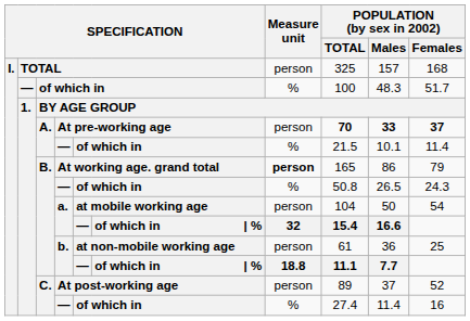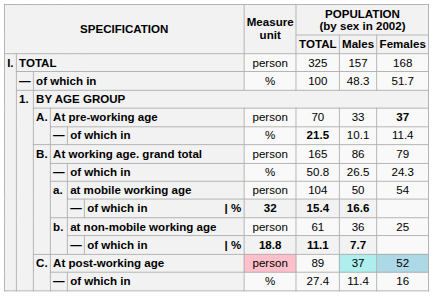 <table class="wikitable" style="font-size:85%; text-align:center">
 <tr>
 <th rowspan="2" colspan="6">SPECIFICATION</th>
 <th rowspan="2">Measure<br> unit</th>
 <th colspan="3" rowspan="1">POPULATION<br> (by sex in 2002)</th>
 </tr>
 <tr>
 <th>TOTAL</th>
 <th>Males</th>
 <th>Females</th>
 </tr>
 <tr>
 <th style="text-align:left" valign="top" rowspan="13">I.</th>
 <th style="text-align:left" colspan="5">TOTAL</th>
 <td>person</td>
 <td>325</td>
 <td>157</td>
 <td>168</td>
 </tr>
 <tr>
 <th style="text-align:left" valign="top">—</th>
 <th style="text-align:left" colspan="4">of which in</th>
 <td>%</td>
 <td>100</td>
 <td>48.3</td>
 <td>51.7</td>
 </tr>
 <tr>
 <th style="text-align:left" valign="top" rowspan="11">1.</th>
 <th style="text-align:left" colspan="19">BY AGE GROUP</th>
 </tr>
 <tr>
 <th style="text-align:left" valign="top" rowspan="2">A.</th>
 <th style="text-align:left" colspan="3">At pre-working age</th>
 <td>person</td>
-<td><strong>70</strong></td>
-<td><strong>33</strong></td>
+<td>70</td>
+<td>33</td>
 <td><strong>37</strong></td>
 </tr>
 <tr>
 <th style="text-align:left" valign="top">—</th>
 <th style="text-align:left" valign="top" colspan="2">of which in</th>
 <td>%</td>
-<td>21.5</td>
+<td><strong>21.5</strong></td>
 <td>10.1</td>
 <td>11.4</td>
 </tr>
 <tr>
 <th style="text-align:left" valign="top" rowspan="6">B.</th>
 <th style="text-align:left" colspan="3">At working age. grand total</th>
-<td><strong>person</strong></td>
+<td>person</td>
 <td>165</td>
 <td>86</td>
 <td>79</td>
 </tr>
 <tr>
 <th style="text-align:left" valign="top">—</th>
 <th style="text-align:left" valign="top" colspan="2">of which in</th>
 <td>%</td>
 <td>50.8</td>
 <td>26.5</td>
 <td>24.3</td>
 </tr>
 <tr>
 <th style="text-align:left" valign="top" rowspan="2">a.</th>
 <th style="text-align:left" colspan="2">at mobile working age</th>
 <td>person</td>
 <td>104</td>
 <td>50</td>
 <td>54</td>
 </tr>
 <tr>
 <th style="text-align:left" valign="top">—</th>
 <th style="text-align:left" valign="top" colspan="1">of which in                        | %</th>
 <th>32</th>
 <th>15.4</th>
 <th>16.6</th>
 </tr>
 <tr>
 <th style="text-align:left" valign="top" rowspan="2">b.</th>
 <th style="text-align:left" colspan="2">at non-mobile working age</th>
 <td>person</td>
 <td>61</td>
 <td>36</td>
 <td>25</td>
 </tr>
 <tr>
 <th style="text-align:left" valign="top">—</th>
 <th style="text-align:left" valign="top" colspan="1">of which in                        | %</th>
 <th>18.8</th>
 <th>11.1</th>
 <th>7.7</th>
 </tr>
 <tr>
 <th style="text-align:left" valign="top" rowspan="2">C.</th>
 <th style="text-align:left" colspan="3">At post-working age</th>
-<td>person</td>
+<td style="background: pink;">person</td>
 <td>89</td>
-<td>37</td>
-<td>52</td>
+<td style="background: paleturquoise;">37</td>
+<td style="background: lightblue;">52</td>
 </tr>
 <tr>
 <th style="text-align:left" valign="top">—</th>
 <th style="text-align:left" valign="top" colspan="2">of which in</th>
 <td>%</td>
 <td>27.4</td>
 <td>11.4</td>
 <td>16</td>
 </tr>
 </table>
